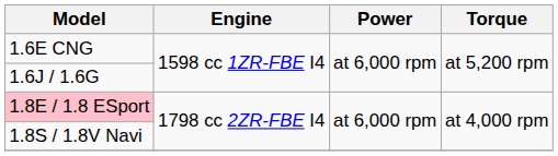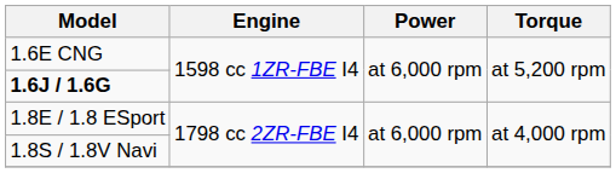 <table class="wikitable">
 <tr>
 <th>Model</th>
 <th>Engine</th>
 <th>Power</th>
 <th>Torque</th>
 </tr>
 <tr>
 <td>1.6E CNG</td>
 <td rowspan="2">1598 cc <em><a href='#'>1ZR-FBE</a></em> I4</td>
 <td rowspan="2"> at 6,000 rpm</td>
 <td rowspan="2"> at 5,200 rpm</td>
 </tr>
 <tr>
-<td>1.6J / 1.6G</td>
+<td><strong>1.6J / 1.6G</strong></td>
 </tr>
 <tr>
-<td style="background: pink;">1.8E / 1.8 ESport</td>
+<td>1.8E / 1.8 ESport</td>
 <td rowspan="2">1798 cc <em><a href='#'>2ZR-FBE</a></em> I4</td>
 <td rowspan="2"> at 6,000 rpm</td>
 <td rowspan="2"> at 4,000 rpm</td>
 </tr>
 <tr>
 <td>1.8S / 1.8V Navi</td>
 </tr>
 <tr>
 </tr>
 </table>
